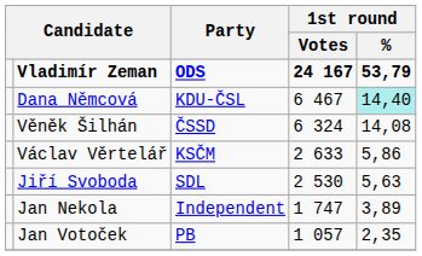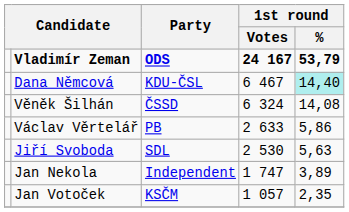 <table class="wikitable sortable">
 <tr>
 <th colspan="2" rowspan="2">Candidate</th>
 <th rowspan="2">Party</th>
 <th colspan="2">1st round</th>
 </tr>
 <tr>
 <th>Votes</th>
 <th>%</th>
 </tr>
 <tr>
 <td style="background-color:"></td>
 <td><strong>Vladimír Zeman</strong></td>
 <td><a href='#'><strong>ODS</strong></a></td>
 <td><strong>24 167</strong></td>
 <td><strong>53,79</strong></td>
 </tr>
 <tr>
 <td style="background-color:"></td>
 <td><a href='#'>Dana Němcová</a></td>
 <td><a href='#'>KDU-ČSL</a></td>
 <td>6 467</td>
 <td style="background: paleturquoise;">14,40</td>
 </tr>
 <tr>
 <td style="background-color:"></td>
 <td>Věněk Šilhán</td>
 <td><a href='#'>ČSSD</a></td>
 <td>6 324</td>
 <td>14,08</td>
 </tr>
 <tr>
 <td style="background-color:"></td>
 <td>Václav Věrtelář</td>
-<td><a href='#'>KSČM</a></td>
+<td><a href='#'>PB</a></td>
 <td>2 633</td>
 <td>5,86</td>
 </tr>
 <tr>
 <td style="background-color:"></td>
 <td><a href='#'>Jiří Svoboda</a></td>
 <td><a href='#'>SDL</a></td>
 <td>2 530</td>
 <td>5,63</td>
 </tr>
 <tr>
 <td style="background-color:"></td>
 <td>Jan Nekola</td>
 <td><a href='#'>Independent</a></td>
 <td>1 747</td>
 <td>3,89</td>
 </tr>
 <tr>
 <td style="background-color:"></td>
 <td>Jan Votoček</td>
-<td><a href='#'>PB</a></td>
+<td><a href='#'>KSČM</a></td>
 <td>1 057</td>
 <td>2,35</td>
 </tr>
 <tr>
 </tr>
 </table>
